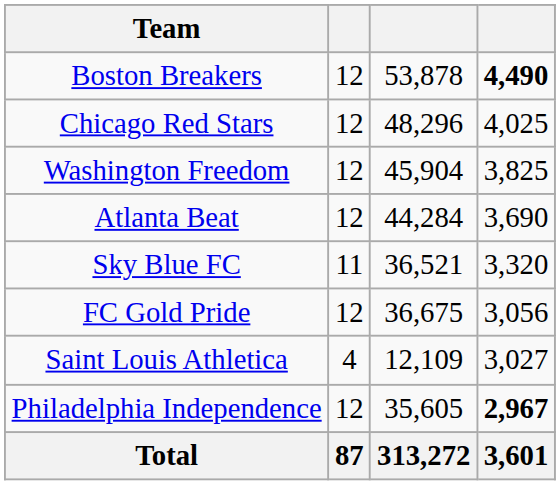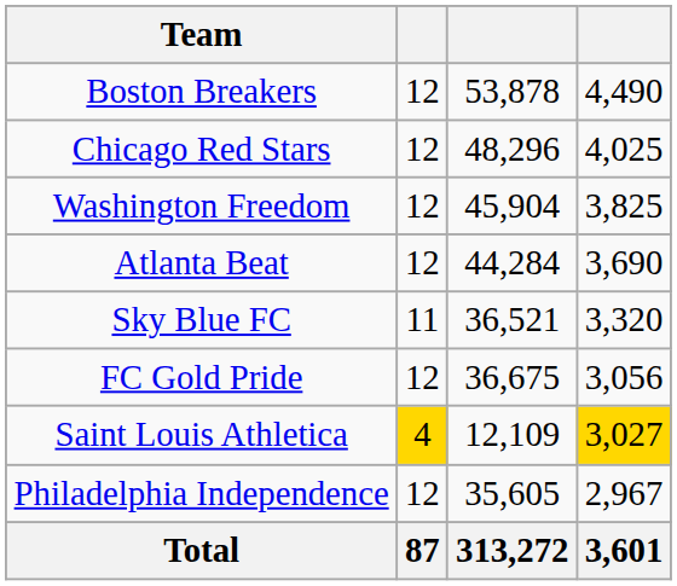 <table class="wikitable sortable" style="font-size: 95%;text-align: center;">
 <tr>
 <th>Team</th>
 <th></th>
 <th></th>
 <th></th>
 </tr>
 <tr>
 <td><a href='#'>Boston Breakers</a></td>
 <td>12</td>
 <td>53,878</td>
-<td><strong>4,490</strong></td>
+<td>4,490</td>
 </tr>
 <tr>
 <td><a href='#'>Chicago Red Stars</a></td>
 <td>12</td>
 <td>48,296</td>
 <td>4,025</td>
 </tr>
 <tr>
 <td><a href='#'>Washington Freedom</a></td>
 <td>12</td>
 <td>45,904</td>
 <td>3,825</td>
 </tr>
 <tr>
 <td><a href='#'>Atlanta Beat</a></td>
 <td>12</td>
 <td>44,284</td>
 <td>3,690</td>
 </tr>
 <tr>
 <td><a href='#'>Sky Blue FC</a></td>
 <td>11</td>
 <td>36,521</td>
 <td>3,320</td>
 </tr>
 <tr>
 <td><a href='#'>FC Gold Pride</a></td>
 <td>12</td>
 <td>36,675</td>
 <td>3,056</td>
 </tr>
 <tr>
 <td><a href='#'>Saint Louis Athletica</a></td>
-<td>4</td>
+<td style="background: gold;">4</td>
 <td>12,109</td>
-<td>3,027</td>
+<td style="background: gold;">3,027</td>
 </tr>
 <tr>
 <td><a href='#'>Philadelphia Independence</a></td>
 <td>12</td>
 <td>35,605</td>
-<td><strong>2,967</strong></td>
+<td>2,967</td>
 </tr>
 <tr>
 <th>Total</th>
 <th>87</th>
 <th>313,272</th>
 <th>3,601</th>
 </tr>
 </table>
